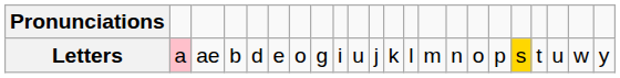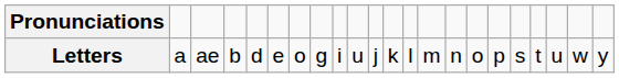 <table class="wikitable" style="text-align: center;">
 <tr>
 <th>Pronunciations</th>
 <td></td>
 <td></td>
 <td></td>
 <td></td>
 <td></td>
 <td></td>
 <td></td>
 <td></td>
 <td></td>
 <td></td>
 <td></td>
 <td></td>
 <td></td>
 <td></td>
 <td></td>
 <td></td>
 <td></td>
 <td></td>
 <td></td>
 <td></td>
 <td></td>
 </tr>
 <tr>
 <th>Letters</th>
-<td style="background: pink;">a</td>
+<td>a</td>
 <td>ae</td>
 <td>b</td>
 <td>d</td>
 <td>e</td>
 <td>o</td>
 <td>g</td>
 <td>i</td>
 <td>u</td>
 <td>j</td>
 <td>k</td>
 <td>l</td>
 <td>m</td>
 <td>n</td>
 <td>o</td>
 <td>p</td>
-<td style="background: gold;">s</td>
+<td>s</td>
 <td>t</td>
 <td>u</td>
 <td>w</td>
 <td>y</td>
 </tr>
 </table>
